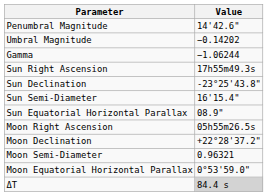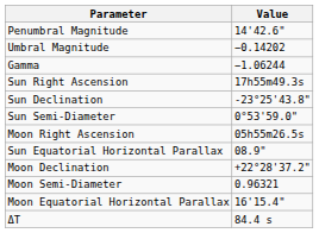 <table class="wikitable">
 <tr>
 <th>Parameter</th>
 <th>Value</th>
 </tr>
 <tr>
 <td>Penumbral Magnitude</td>
 <td>14'42.6"</td>
 </tr>
 <tr>
 <td>Umbral Magnitude</td>
 <td>−0.14202</td>
 </tr>
 <tr>
 <td>Gamma</td>
 <td>−1.06244</td>
 </tr>
 <tr>
 <td>Sun Right Ascension</td>
 <td>17h55m49.3s</td>
 </tr>
 <tr>
 <td>Sun Declination</td>
 <td>-23°25'43.8"</td>
 </tr>
 <tr>
 <td>Sun Semi-Diameter</td>
-<td>16'15.4"</td>
+<td>0°53'59.0"</td>
+</tr>
+<tr>
+<td>Moon Right Ascension</td>
+<td>05h55m26.5s</td>
 </tr>
 <tr>
 <td>Sun Equatorial Horizontal Parallax</td>
 <td>08.9"</td>
-</tr>
-<tr>
-<td>Moon Right Ascension</td>
-<td>05h55m26.5s</td>
 </tr>
 <tr>
 <td>Moon Declination</td>
 <td>+22°28'37.2"</td>
 </tr>
 <tr>
 <td>Moon Semi-Diameter</td>
 <td>0.96321</td>
 </tr>
 <tr>
 <td>Moon Equatorial Horizontal Parallax</td>
-<td>0°53'59.0"</td>
+<td>16'15.4"</td>
 </tr>
 <tr>
 <td>ΔT</td>
-<td style="background: lightgrey;">84.4 s</td>
+<td>84.4 s</td>
 </tr>
 </table>
